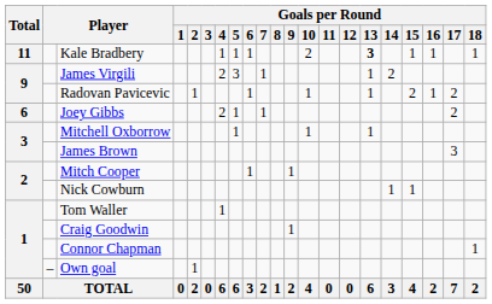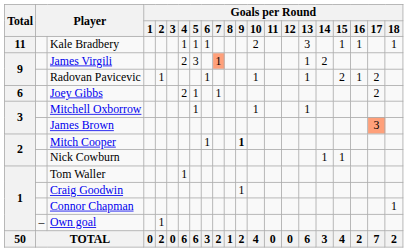 <table class="wikitable" style="text-align:center; line-height: 90%; font-size:90%;">
 <tr>
 <th rowspan=2>Total</th>
 <th rowspan=2 colspan=2>Player</th>
 <th colspan="34">Goals per Round</th>
 </tr>
 <tr>
 <th>1</th>
 <th>2</th>
 <th>3</th>
 <th>4</th>
 <th>5</th>
 <th>6</th>
 <th>7</th>
 <th>8</th>
 <th>9</th>
 <th>10</th>
 <th>11</th>
 <th>12</th>
 <th>13</th>
 <th>14</th>
 <th>15</th>
 <th>16</th>
 <th>17</th>
 <th>18</th>
 </tr>
 <tr>
 <th rowspan=1>11</th>
 <td></td>
 <td style="text-align:left;">Kale Bradbery</td>
 <td></td>
 <td></td>
 <td></td>
 <td>1</td>
 <td>1</td>
 <td>1</td>
 <td></td>
 <td></td>
 <td></td>
 <td>2</td>
 <td></td>
 <td></td>
-<td><strong>3</strong></td>
+<td>3</td>
 <td></td>
 <td>1</td>
 <td>1</td>
 <td></td>
 <td>1</td>
 </tr>
 <tr>
 <th rowspan=2>9</th>
 <td></td>
 <td style="text-align:left;"><a href='#'>James Virgili</a></td>
 <td></td>
 <td></td>
 <td></td>
 <td>2</td>
 <td>3</td>
 <td></td>
-<td>1</td>
+<td style="background: lightsalmon;">1</td>
 <td></td>
 <td></td>
 <td></td>
 <td></td>
 <td></td>
 <td>1</td>
 <td>2</td>
 <td></td>
 <td></td>
 <td></td>
 <td></td>
 </tr>
 <tr>
 <td></td>
 <td style="text-align:left;">Radovan Pavicevic</td>
 <td></td>
 <td>1</td>
 <td></td>
 <td></td>
 <td></td>
 <td>1</td>
 <td></td>
 <td></td>
 <td></td>
 <td>1</td>
 <td></td>
 <td></td>
 <td>1</td>
 <td></td>
 <td>2</td>
 <td>1</td>
 <td>2</td>
 <td></td>
 </tr>
 <tr>
 <th rowspan=1>6</th>
 <td></td>
 <td style="text-align:left;"><a href='#'>Joey Gibbs</a></td>
 <td></td>
 <td></td>
 <td></td>
 <td>2</td>
 <td>1</td>
 <td></td>
 <td>1</td>
 <td></td>
 <td></td>
 <td></td>
 <td></td>
 <td></td>
 <td></td>
 <td></td>
 <td></td>
 <td></td>
 <td>2</td>
 <td></td>
 </tr>
 <tr>
 <th rowspan=2>3</th>
 <td></td>
 <td style="text-align:left;"><a href='#'>Mitchell Oxborrow</a></td>
 <td></td>
 <td></td>
 <td></td>
 <td></td>
 <td>1</td>
 <td></td>
 <td></td>
 <td></td>
 <td></td>
 <td>1</td>
 <td></td>
 <td></td>
 <td>1</td>
 <td></td>
 <td></td>
 <td></td>
 <td></td>
 <td></td>
 </tr>
 <tr>
 <td></td>
 <td style="text-align:left;"><a href='#'>James Brown</a></td>
 <td></td>
 <td></td>
 <td></td>
 <td></td>
 <td></td>
 <td></td>
 <td></td>
 <td></td>
 <td></td>
 <td></td>
 <td></td>
 <td></td>
 <td></td>
 <td></td>
 <td></td>
 <td></td>
-<td>3</td>
+<td style="background: lightsalmon;">3</td>
 <td></td>
 </tr>
 <tr>
 <th rowspan=2>2</th>
 <td></td>
 <td style="text-align:left;"><a href='#'>Mitch Cooper</a></td>
 <td></td>
 <td></td>
 <td></td>
 <td></td>
 <td></td>
 <td>1</td>
 <td></td>
 <td></td>
-<td>1</td>
+<td><strong>1</strong></td>
 <td></td>
 <td></td>
 <td></td>
 <td></td>
 <td></td>
 <td></td>
 <td></td>
 <td></td>
 <td></td>
 </tr>
 <tr>
 <td></td>
 <td style="text-align:left;">Nick Cowburn</td>
 <td></td>
 <td></td>
 <td></td>
 <td></td>
 <td></td>
 <td></td>
 <td></td>
 <td></td>
 <td></td>
 <td></td>
 <td></td>
 <td></td>
 <td></td>
 <td>1</td>
 <td>1</td>
 <td></td>
 <td></td>
 <td></td>
 </tr>
 <tr>
 <th rowspan=4>1</th>
 <td></td>
 <td style="text-align:left;">Tom Waller</td>
 <td></td>
 <td></td>
 <td></td>
 <td>1</td>
 <td></td>
 <td></td>
 <td></td>
 <td></td>
 <td></td>
 <td></td>
 <td></td>
 <td></td>
 <td></td>
 <td></td>
 <td></td>
 <td></td>
 <td></td>
 <td></td>
 </tr>
 <tr>
 <td></td>
 <td style="text-align:left;"><a href='#'>Craig Goodwin</a></td>
 <td></td>
 <td></td>
 <td></td>
 <td></td>
 <td></td>
 <td></td>
 <td></td>
 <td></td>
 <td>1</td>
 <td></td>
 <td></td>
 <td></td>
 <td></td>
 <td></td>
 <td></td>
 <td></td>
 <td></td>
 <td></td>
 </tr>
 <tr>
 <td></td>
 <td style="text-align:left;"><a href='#'>Connor Chapman</a></td>
 <td></td>
 <td></td>
 <td></td>
 <td></td>
 <td></td>
 <td></td>
 <td></td>
 <td></td>
 <td></td>
 <td></td>
 <td></td>
 <td></td>
 <td></td>
 <td></td>
 <td></td>
 <td></td>
 <td></td>
 <td>1</td>
 </tr>
 <tr>
 <td>–</td>
 <td style="text-align:left;"><a href='#'>Own goal</a></td>
 <td></td>
 <td>1</td>
 <td></td>
 <td></td>
 <td></td>
 <td></td>
 <td></td>
 <td></td>
 <td></td>
 <td></td>
 <td></td>
 <td></td>
 <td></td>
 <td></td>
 <td></td>
 <td></td>
 <td></td>
 <td></td>
 </tr>
 <tr>
 <th rowspan=1>50</th>
 <th colspan=2>TOTAL</th>
 <th style="text-align:center;">0</th>
 <th>2</th>
 <th>0</th>
 <th>6</th>
 <th>6</th>
 <th>3</th>
 <th>2</th>
 <th>1</th>
 <th>2</th>
 <th>4</th>
 <th>0</th>
 <th>0</th>
 <th>6</th>
 <th>3</th>
 <th>4</th>
 <th>2</th>
 <th>7</th>
 <th>2</th>
 </tr>
 </table>
